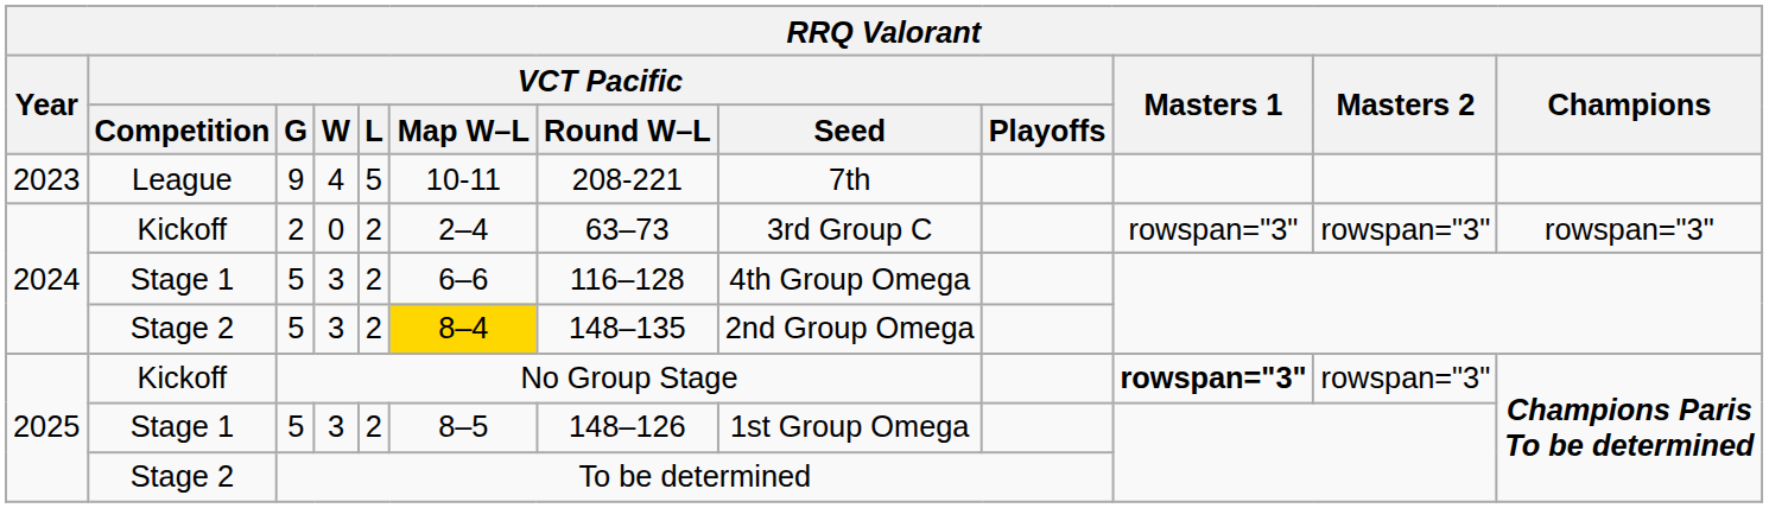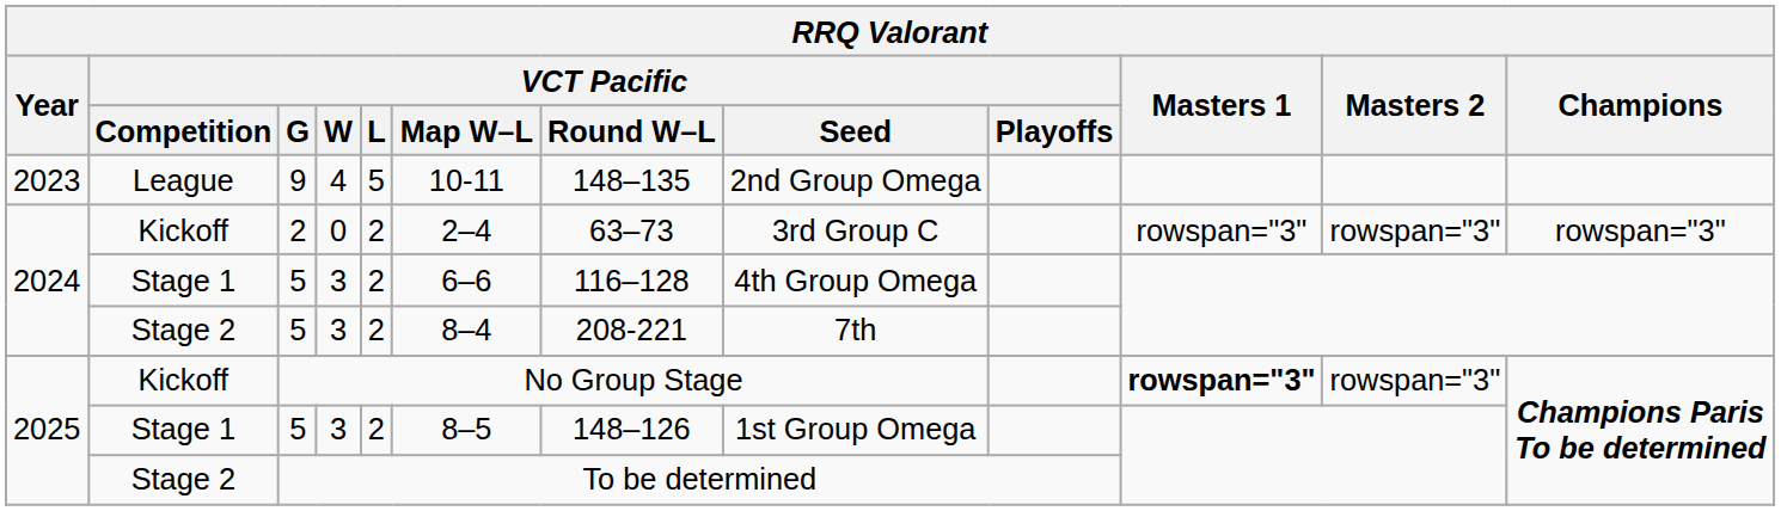 <table class="wikitable" style="font-size:80%; text-align:center;">
 <tr>
 <th colspan="13"> <em>RRQ Valorant</em></th>
 </tr>
 <tr>
 <th rowspan="2">Year</th>
 <th colspan="8"><em>VCT Pacific</em></th>
 <th rowspan="2">Masters 1</th>
 <th rowspan="2">Masters 2</th>
 <th rowspan="2">Champions</th>
 </tr>
 <tr>
 <th>Competition</th>
 <th>G</th>
 <th>W</th>
 <th>L</th>
 <th>Map W–L</th>
 <th>Round W–L</th>
 <th>Seed</th>
 <th>Playoffs</th>
 </tr>
 <tr>
 <td>2023</td>
 <td>League</td>
 <td>9</td>
 <td>4</td>
 <td>5</td>
 <td>10-11</td>
-<td>208-221</td>
-<td>7th</td>
+<td>148–135</td>
+<td>2nd Group Omega</td>
 <td></td>
 <td></td>
 <td></td>
 <td></td>
 </tr>
 <tr>
 <td rowspan="3">2024</td>
 <td>Kickoff</td>
 <td>2</td>
 <td>0</td>
 <td>2</td>
 <td>2–4</td>
 <td>63–73</td>
 <td>3rd Group C</td>
 <td></td>
 <td>rowspan="3" </td>
 <td>rowspan="3" </td>
 <td>rowspan="3" </td>
 </tr>
 <tr>
 <td>Stage 1</td>
 <td>5</td>
 <td>3</td>
 <td>2</td>
 <td>6–6</td>
 <td>116–128</td>
 <td>4th Group Omega</td>
 <td></td>
 </tr>
 <tr>
 <td>Stage 2</td>
 <td>5</td>
 <td>3</td>
 <td>2</td>
-<td style="background: gold;">8–4</td>
-<td>148–135</td>
-<td>2nd Group Omega</td>
+<td>8–4</td>
+<td>208-221</td>
+<td>7th</td>
 <td></td>
 </tr>
 <tr>
 <td rowspan="3">2025</td>
 <td>Kickoff</td>
 <td colspan="6">No Group Stage</td>
 <td></td>
 <td><strong>rowspan="3" </strong></td>
 <td>rowspan="3" </td>
 <td rowspan="3"><strong><em>Champions Paris <br> To be determined</em></strong></td>
 </tr>
 <tr>
 <td>Stage 1</td>
 <td>5</td>
 <td>3</td>
 <td>2</td>
 <td>8–5</td>
 <td>148–126</td>
 <td>1st Group Omega</td>
 <td></td>
 </tr>
 <tr>
 <td>Stage 2</td>
 <td colspan="7">To be determined</td>
 </tr>
 </table>
